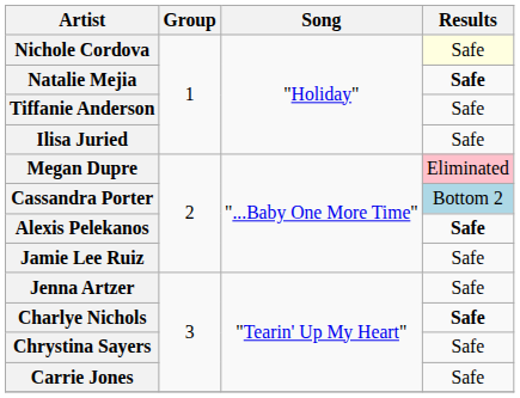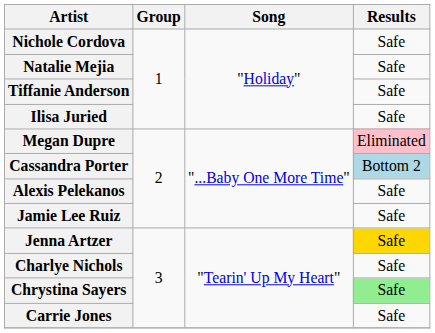 <table class="wikitable plainrowheaders" style="text-align:center;">
 <tr>
 <th scope="col">Artist</th>
 <th scope="col">Group</th>
 <th scope="col">Song</th>
 <th scope="col">Results</th>
 </tr>
 <tr>
 <th scope="row">Nichole Cordova</th>
 <td rowspan="4">1</td>
 <td rowspan="4">"<a href='#'>Holiday</a>"</td>
-<td style="background: lightyellow;">Safe</td>
+<td>Safe</td>
 </tr>
 <tr>
 <th scope="row">Natalie Mejia</th>
-<td><strong>Safe</strong></td>
+<td>Safe</td>
 </tr>
 <tr>
 <th scope="row">Tiffanie Anderson</th>
 <td>Safe</td>
 </tr>
 <tr>
 <th scope="row">Ilisa Juried</th>
 <td>Safe</td>
 </tr>
 <tr>
 <th scope="row">Megan Dupre</th>
 <td rowspan="4">2</td>
 <td rowspan="4">"<a href='#'>...Baby One More Time</a>"</td>
 <td style="background:pink;">Eliminated</td>
 </tr>
 <tr>
 <th scope="row">Cassandra Porter</th>
 <td style="background:lightblue;">Bottom 2</td>
 </tr>
 <tr>
 <th scope="row">Alexis Pelekanos</th>
-<td><strong>Safe</strong></td>
+<td>Safe</td>
 </tr>
 <tr>
 <th scope="row">Jamie Lee Ruiz</th>
 <td>Safe</td>
 </tr>
 <tr>
 <th scope="row">Jenna Artzer</th>
 <td rowspan="4">3</td>
 <td rowspan="4">"<a href='#'>Tearin' Up My Heart</a>"</td>
+<td style="background: gold;">Safe</td>
+</tr>
+<tr>
+<th scope="row">Charlye Nichols</th>
 <td>Safe</td>
 </tr>
 <tr>
-<th scope="row">Charlye Nichols</th>
-<td><strong>Safe</strong></td>
-</tr>
-<tr>
 <th scope="row">Chrystina Sayers</th>
-<td>Safe</td>
+<td style="background: lightgreen;">Safe</td>
 </tr>
 <tr>
 <th scope="row">Carrie Jones</th>
 <td>Safe</td>
 </tr>
 <tr>
 </tr>
 </table>
